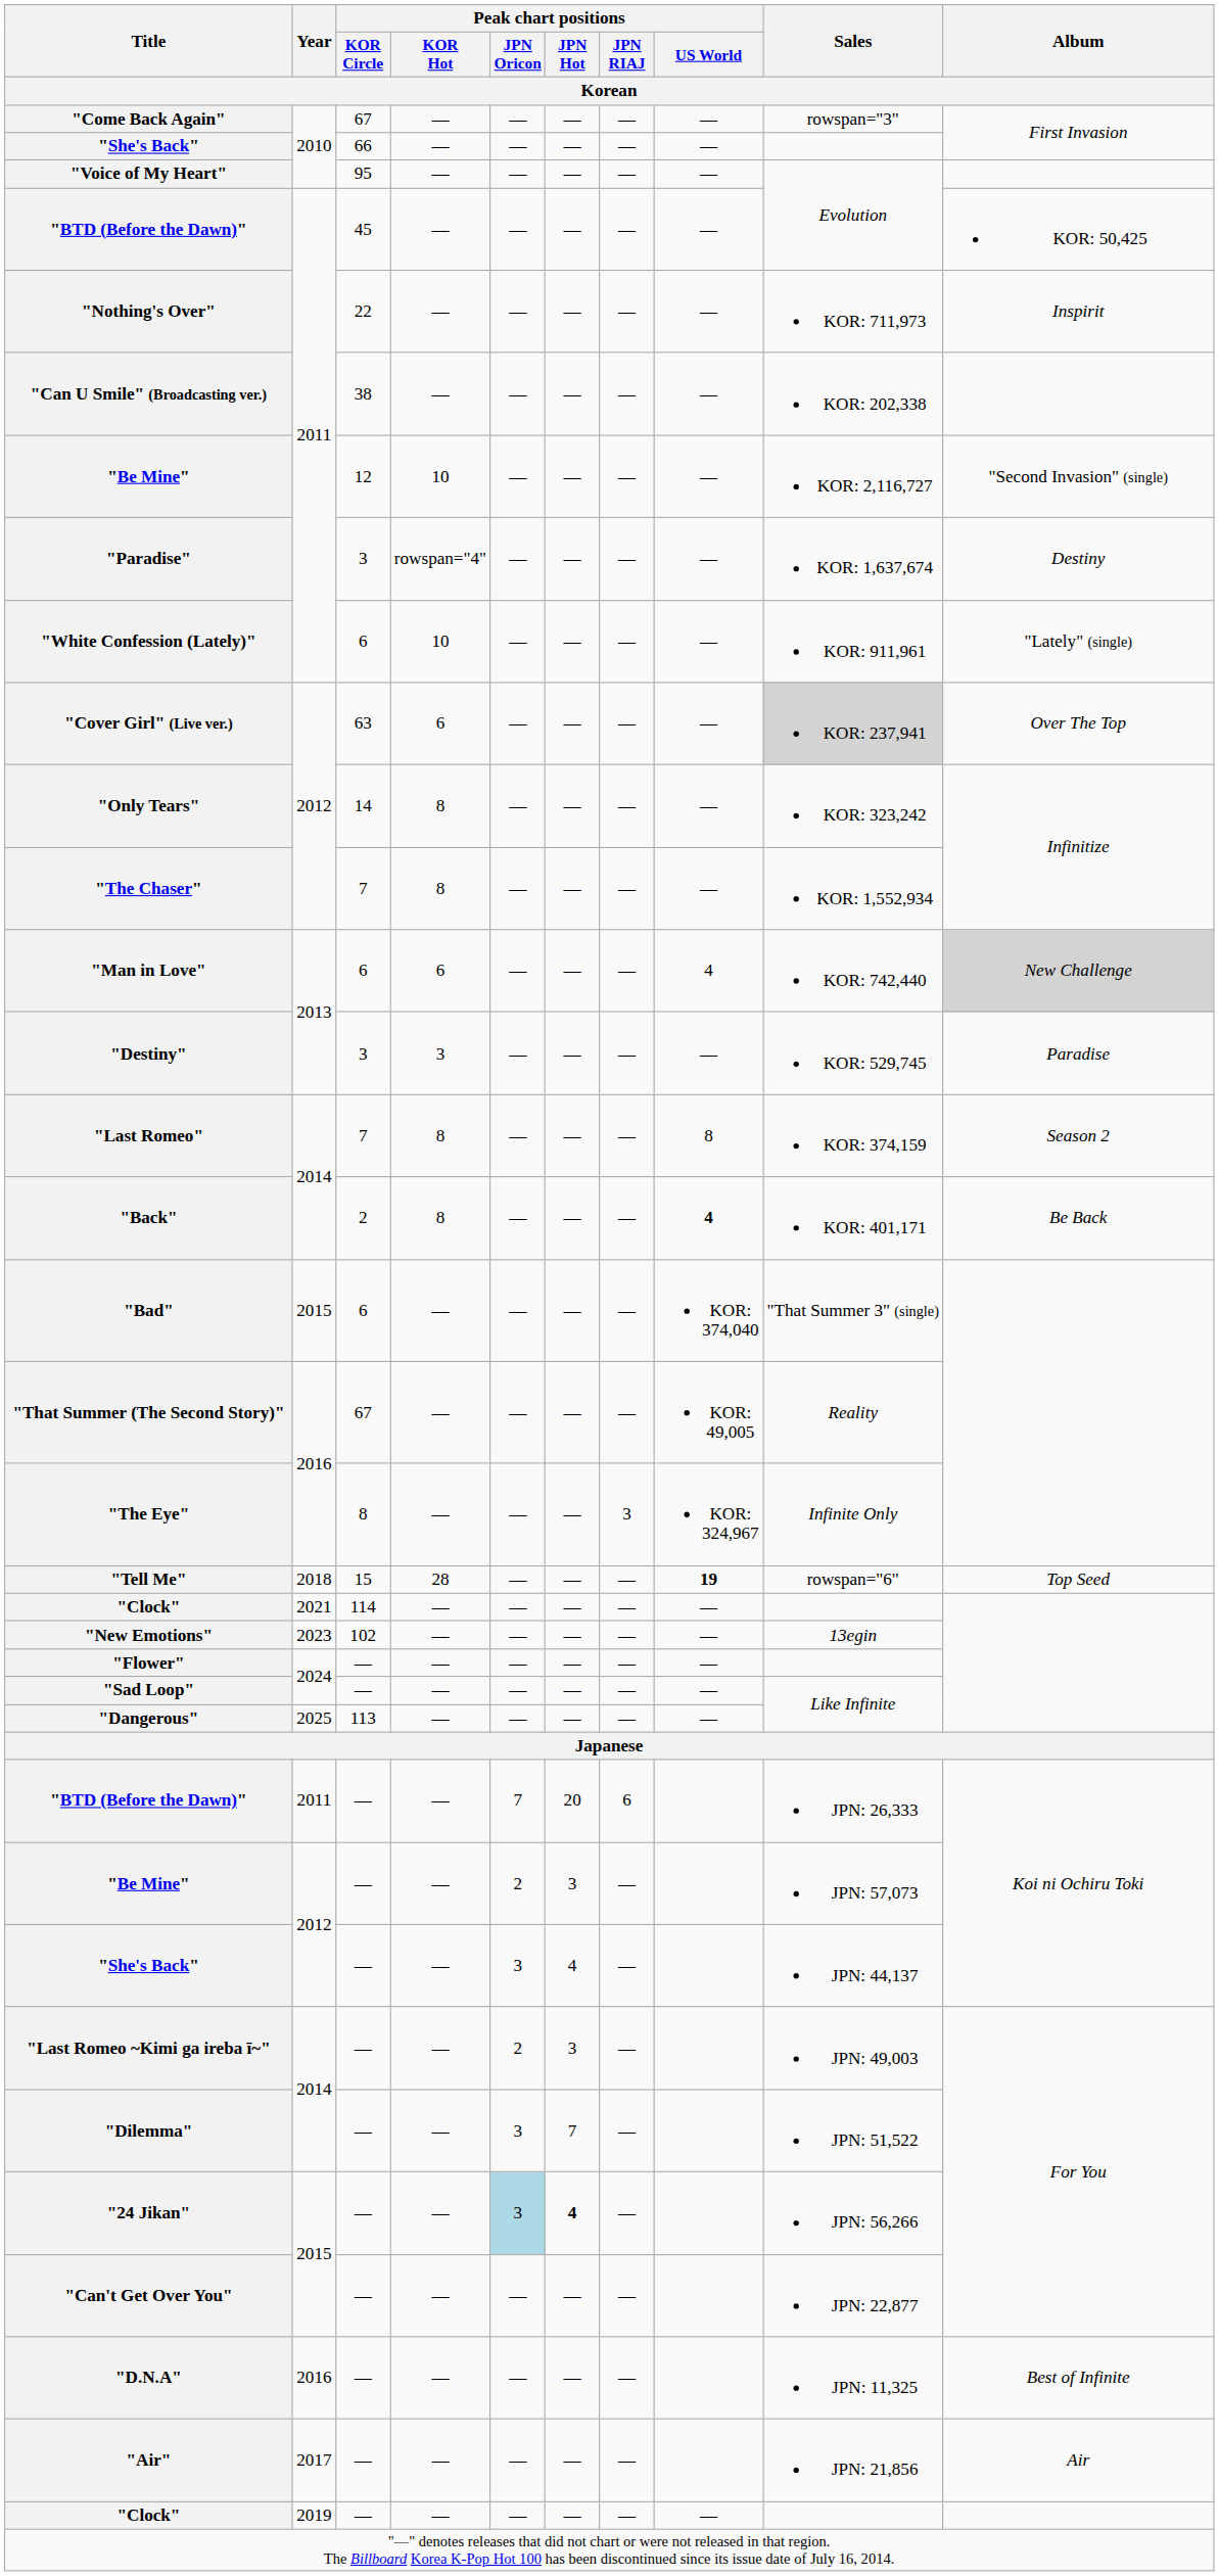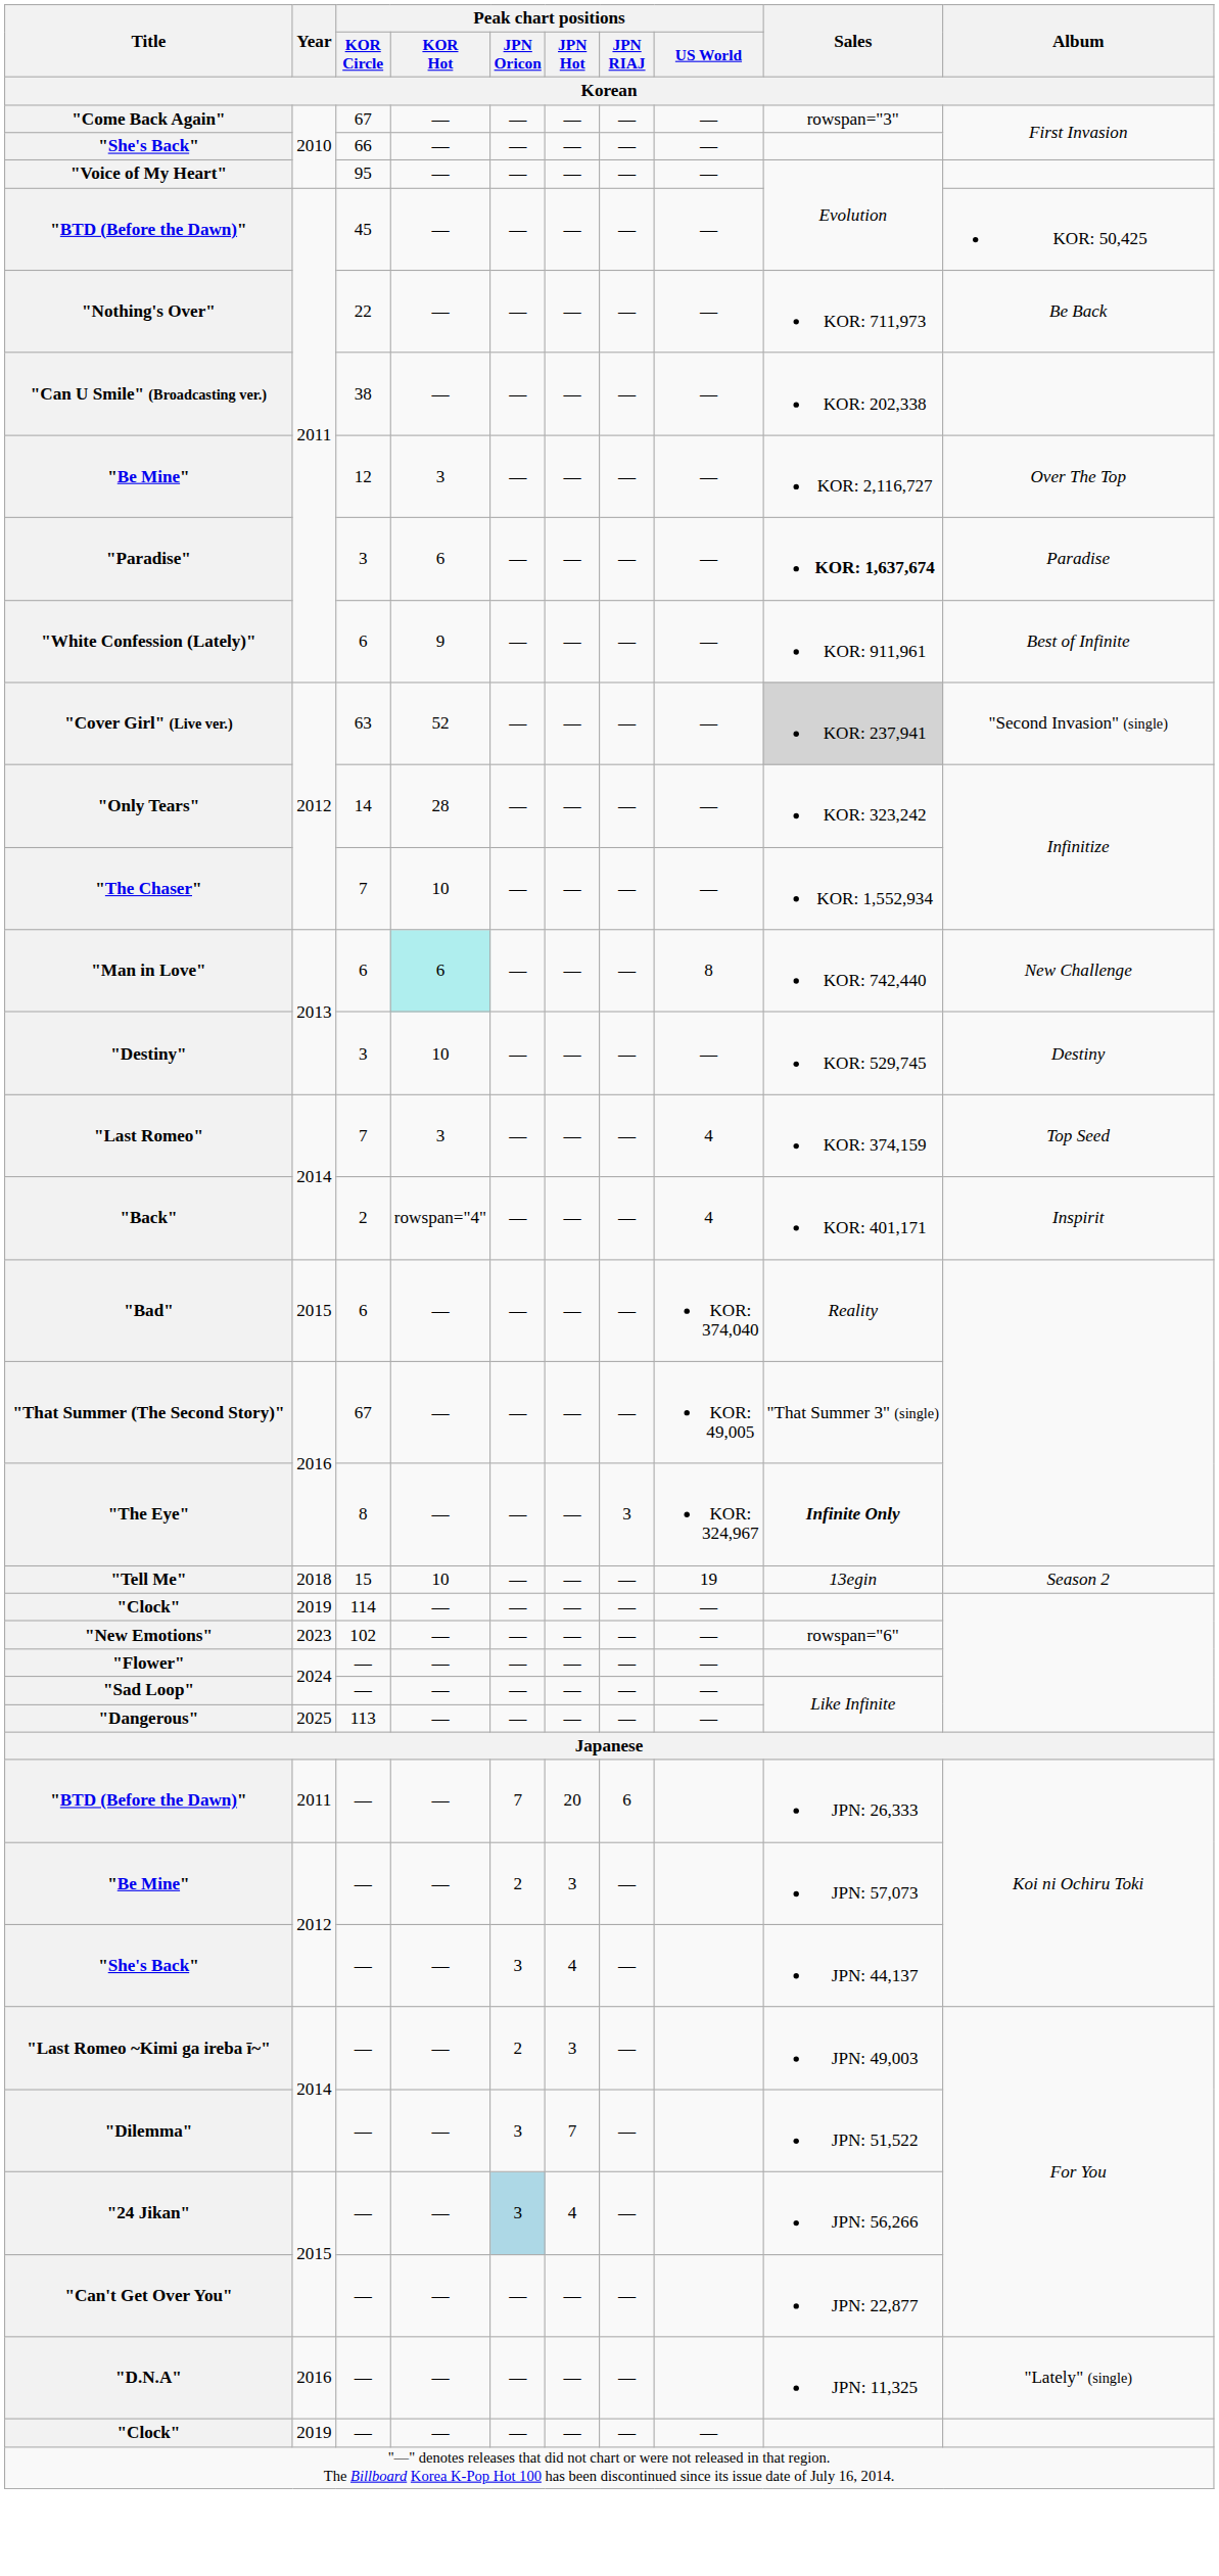 <table class="wikitable plainrowheaders" style="text-align:center;">
 <tr>
 <th scope="col" rowspan="2" style="width:16em;">Title</th>
 <th scope="col" rowspan="2">Year</th>
 <th scope="col" colspan="6">Peak chart positions</th>
 <th scope="col" rowspan="2">Sales</th>
 <th scope="col" rowspan="2" style="width:15em;">Album</th>
 </tr>
 <tr>
 <th scope="col" style="width:3em;font-size:90%;"><a href='#'>KOR<br>Circle</a><br></th>
 <th scope="col" style="width:3em;font-size:90%;"><a href='#'>KOR<br>Hot</a><br></th>
 <th scope="col" style="width:3em;font-size:90%;"><a href='#'>JPN<br>Oricon</a><br></th>
 <th scope="col" style="width:3em;font-size:90%;"><a href='#'>JPN<br>Hot</a><br></th>
 <th scope="col" style="width:3em;font-size:90%;"><a href='#'>JPN<br>RIAJ</a></th>
 <th scope="col" style="width:3em;font-size:90%;"><a href='#'>US World</a><br></th>
 </tr>
 <tr>
 <th colspan="10">Korean</th>
 </tr>
 <tr>
 <th scope="row">"Come Back Again"</th>
 <td rowspan="3">2010</td>
 <td>67</td>
 <td>—</td>
 <td>—</td>
 <td>—</td>
 <td>—</td>
 <td>—</td>
 <td>rowspan="3" </td>
 <td rowspan="2"><em>First Invasion</em></td>
 </tr>
 <tr>
 <th scope="row">"<a href='#'>She's Back</a>"</th>
 <td>66</td>
 <td>—</td>
 <td>—</td>
 <td>—</td>
 <td>—</td>
 <td>—</td>
 </tr>
 <tr>
 <th scope="row">"Voice of My Heart"</th>
 <td>95</td>
 <td>—</td>
 <td>—</td>
 <td>—</td>
 <td>—</td>
 <td>—</td>
 <td rowspan="2"><em>Evolution</em></td>
 </tr>
 <tr>
 <th scope="row">"<a href='#'>BTD (Before the Dawn)</a>"</th>
 <td rowspan="6">2011</td>
 <td>45</td>
 <td>—</td>
 <td>—</td>
 <td>—</td>
 <td>—</td>
 <td>—</td>
 <td><br><ul><li>KOR: 50,425</li></ul></td>
 </tr>
 <tr>
 <th scope="row">"Nothing's Over"</th>
 <td>22</td>
 <td>—</td>
 <td>—</td>
 <td>—</td>
 <td>—</td>
 <td>—</td>
 <td><br><ul><li>KOR: 711,973</li></ul></td>
-<td><em>Inspirit</em></td>
+<td><em>Be Back</em></td>
 </tr>
 <tr>
 <th scope="row">"Can U Smile" <small>(Broadcasting ver.)</small></th>
 <td>38</td>
 <td>—</td>
 <td>—</td>
 <td>—</td>
 <td>—</td>
 <td>—</td>
 <td><br><ul><li>KOR: 202,338</li></ul></td>
 <td></td>
 </tr>
 <tr>
 <th scope="row">"<a href='#'>Be Mine</a>"</th>
 <td>12</td>
-<td>10</td>
+<td>3</td>
 <td>—</td>
 <td>—</td>
 <td>—</td>
 <td>—</td>
 <td><br><ul><li>KOR: 2,116,727</li></ul></td>
-<td>"Second Invasion" <small>(single)</small></td>
+<td><em>Over The Top</em></td>
 </tr>
 <tr>
 <th scope="row">"Paradise"</th>
 <td>3</td>
-<td>rowspan="4" </td>
+<td>6</td>
 <td>—</td>
 <td>—</td>
 <td>—</td>
 <td>—</td>
-<td><br><ul><li>KOR: 1,637,674</li></ul></td>
-<td><em>Destiny</em></td>
+<td><strong><br><ul><li>KOR: 1,637,674</li></ul></strong></td>
+<td><em>Paradise</em></td>
 </tr>
 <tr>
 <th scope="row">"White Confession (Lately)"</th>
 <td>6</td>
-<td>10</td>
+<td>9</td>
 <td>—</td>
 <td>—</td>
 <td>—</td>
 <td>—</td>
 <td><br><ul><li>KOR: 911,961</li></ul></td>
-<td>"Lately" <small>(single)</small></td>
+<td><em>Best of Infinite</em></td>
 </tr>
 <tr>
 <th scope="row">"Cover Girl" <small>(Live ver.)</small></th>
 <td rowspan="3">2012</td>
 <td>63</td>
-<td>6</td>
+<td>52</td>
 <td>—</td>
 <td>—</td>
 <td>—</td>
 <td>—</td>
 <td style="background: lightgrey;"><br><ul><li>KOR: 237,941</li></ul></td>
-<td><em>Over The Top</em></td>
+<td>"Second Invasion" <small>(single)</small></td>
 </tr>
 <tr>
 <th scope="row">"Only Tears"</th>
 <td>14</td>
-<td>8</td>
+<td>28</td>
 <td>—</td>
 <td>—</td>
 <td>—</td>
 <td>—</td>
 <td><br><ul><li>KOR: 323,242</li></ul></td>
 <td rowspan="2"><em>Infinitize</em></td>
 </tr>
 <tr>
 <th scope="row">"<a href='#'>The Chaser</a>"</th>
 <td>7</td>
-<td>8</td>
+<td>10</td>
 <td>—</td>
 <td>—</td>
 <td>—</td>
 <td>—</td>
 <td><br><ul><li>KOR: 1,552,934</li></ul></td>
 </tr>
 <tr>
 <th scope="row">"Man in Love"</th>
 <td rowspan="2">2013</td>
 <td>6</td>
-<td>6</td>
+<td style="background: paleturquoise;">6</td>
 <td>—</td>
 <td>—</td>
 <td>—</td>
-<td>4</td>
+<td>8</td>
 <td><br><ul><li>KOR: 742,440</li></ul></td>
-<td style="background: lightgrey;"><em>New Challenge</em></td>
+<td><em>New Challenge</em></td>
 </tr>
 <tr>
 <th scope="row">"Destiny"</th>
 <td>3</td>
-<td>3</td>
+<td>10</td>
 <td>—</td>
 <td>—</td>
 <td>—</td>
 <td>—</td>
 <td><br><ul><li>KOR: 529,745</li></ul></td>
-<td><em>Paradise</em></td>
+<td><em>Destiny</em></td>
 </tr>
 <tr>
 <th scope="row">"Last Romeo"</th>
 <td rowspan="2">2014</td>
 <td>7</td>
-<td>8</td>
+<td>3</td>
 <td>—</td>
 <td>—</td>
 <td>—</td>
-<td>8</td>
+<td>4</td>
 <td><br><ul><li>KOR: 374,159</li></ul></td>
-<td><em>Season 2</em></td>
+<td><em>Top Seed</em></td>
 </tr>
 <tr>
 <th scope="row">"Back"</th>
 <td>2</td>
-<td>8</td>
+<td>rowspan="4" </td>
 <td>—</td>
 <td>—</td>
 <td>—</td>
-<td><strong>4</strong></td>
+<td>4</td>
 <td><br><ul><li>KOR: 401,171</li></ul></td>
-<td><em>Be Back</em></td>
+<td><em>Inspirit</em></td>
 </tr>
 <tr>
 <th scope="row">"Bad"</th>
 <td>2015</td>
 <td>6</td>
 <td>—</td>
 <td>—</td>
 <td>—</td>
 <td>—</td>
 <td><br><ul><li>KOR: 374,040</li></ul></td>
-<td>"That Summer 3" <small>(single)</small></td>
+<td><em>Reality</em></td>
 </tr>
 <tr>
 <th scope="row">"That Summer (The Second Story)"</th>
 <td rowspan="2">2016</td>
 <td>67</td>
 <td>—</td>
 <td>—</td>
 <td>—</td>
 <td>—</td>
 <td><br><ul><li>KOR: 49,005</li></ul></td>
-<td><em>Reality</em></td>
+<td>"That Summer 3" <small>(single)</small></td>
 </tr>
 <tr>
 <th scope="row">"The Eye"</th>
 <td>8</td>
 <td>—</td>
 <td>—</td>
 <td>—</td>
 <td>3</td>
 <td><br><ul><li>KOR: 324,967</li></ul></td>
-<td><em>Infinite Only</em></td>
+<td><strong><em>Infinite Only</em></strong></td>
 </tr>
 <tr>
 <th scope="row">"Tell Me"</th>
 <td>2018</td>
 <td>15</td>
-<td>28</td>
+<td>10</td>
 <td>—</td>
 <td>—</td>
 <td>—</td>
-<td><strong>19</strong></td>
-<td>rowspan="6" </td>
-<td><em>Top Seed</em></td>
+<td>19</td>
+<td><em>13egin</em></td>
+<td><em>Season 2</em></td>
 </tr>
 <tr>
 <th scope="row">"Clock"</th>
-<td>2021</td>
+<td>2019</td>
 <td>114</td>
 <td>—</td>
 <td>—</td>
 <td>—</td>
 <td>—</td>
 <td>—</td>
 <td></td>
 </tr>
 <tr>
 <th scope="row">"New Emotions"</th>
 <td>2023</td>
 <td>102</td>
 <td>—</td>
 <td>—</td>
 <td>—</td>
 <td>—</td>
 <td>—</td>
-<td><em>13egin</em></td>
+<td>rowspan="6" </td>
 </tr>
 <tr>
 <th scope="row">"Flower"</th>
 <td rowspan="2">2024</td>
 <td>—</td>
 <td>—</td>
 <td>—</td>
 <td>—</td>
 <td>—</td>
 <td>—</td>
 <td></td>
 </tr>
 <tr>
 <th scope="row">"Sad Loop"</th>
 <td>—</td>
 <td>—</td>
 <td>—</td>
 <td>—</td>
 <td>—</td>
 <td>—</td>
 <td rowspan="2"><em>Like Infinite</em></td>
 </tr>
 <tr>
 <th scope="row">"Dangerous"</th>
 <td>2025</td>
 <td>113</td>
 <td>—</td>
 <td>—</td>
 <td>—</td>
 <td>—</td>
 <td>—</td>
 </tr>
 <tr>
 <th colspan="10">Japanese</th>
 </tr>
 <tr>
 <th scope="row">"<a href='#'>BTD (Before the Dawn)</a>"</th>
 <td>2011</td>
 <td>—</td>
 <td>—</td>
 <td>7</td>
 <td>20</td>
 <td>6</td>
 <td></td>
 <td><br><ul><li>JPN: 26,333</li></ul></td>
 <td rowspan="3"><em>Koi ni Ochiru Toki</em></td>
 </tr>
 <tr>
 <th scope="row">"<a href='#'>Be Mine</a>"</th>
 <td rowspan="2">2012</td>
 <td>—</td>
 <td>—</td>
 <td>2</td>
 <td>3</td>
 <td>—</td>
 <td></td>
 <td><br><ul><li>JPN: 57,073</li></ul></td>
 </tr>
 <tr>
 <th scope="row">"<a href='#'>She's Back</a>"</th>
 <td>—</td>
 <td>—</td>
 <td>3</td>
 <td>4</td>
 <td>—</td>
 <td></td>
 <td><br><ul><li>JPN: 44,137</li></ul></td>
 </tr>
 <tr>
 <th scope="row">"Last Romeo ~Kimi ga ireba ī~"</th>
 <td rowspan="2">2014</td>
 <td>—</td>
 <td>—</td>
 <td>2</td>
 <td>3</td>
 <td>—</td>
 <td></td>
 <td><br><ul><li>JPN: 49,003</li></ul></td>
 <td rowspan="4"><em>For You</em></td>
 </tr>
 <tr>
 <th scope="row">"Dilemma"</th>
 <td>—</td>
 <td>—</td>
 <td>3</td>
 <td>7</td>
 <td>—</td>
 <td></td>
 <td><br><ul><li>JPN: 51,522</li></ul></td>
 </tr>
 <tr>
 <th scope="row">"24 Jikan"</th>
 <td rowspan="2">2015</td>
 <td>—</td>
 <td>—</td>
 <td style="background: lightblue;">3</td>
-<td><strong>4</strong></td>
+<td>4</td>
 <td>—</td>
 <td></td>
 <td><br><ul><li>JPN: 56,266</li></ul></td>
 </tr>
 <tr>
 <th scope="row">"Can't Get Over You"</th>
 <td>—</td>
 <td>—</td>
 <td>—</td>
 <td>—</td>
 <td>—</td>
 <td></td>
 <td><br><ul><li>JPN: 22,877</li></ul></td>
 </tr>
 <tr>
 <th scope="row">"D.N.A"</th>
 <td>2016</td>
 <td>—</td>
 <td>—</td>
 <td>—</td>
 <td>—</td>
 <td>—</td>
 <td></td>
 <td><br><ul><li>JPN: 11,325</li></ul></td>
-<td><em>Best of Infinite</em></td>
-</tr>
-<tr>
-<th scope="row">"Air" </th>
-<td>2017</td>
-<td>—</td>
-<td>—</td>
-<td>—</td>
-<td>—</td>
-<td>—</td>
-<td></td>
-<td><br><ul><li>JPN: 21,856</li></ul></td>
-<td><em>Air</em></td>
+<td>"Lately" <small>(single)</small></td>
 </tr>
 <tr>
 <th scope="row">"Clock" </th>
 <td>2019</td>
 <td>—</td>
 <td>—</td>
 <td>—</td>
 <td>—</td>
 <td>—</td>
 <td>—</td>
 <td></td>
 <td></td>
 </tr>
 <tr>
 <td colspan="10" style="font-size:85%">"—" denotes releases that did not chart or were not released in that region.<br>The <em><a href='#'>Billboard</a></em> <a href='#'>Korea K-Pop Hot 100</a> has been discontinued since its issue date of July 16, 2014.</td>
 </tr>
 </table>
